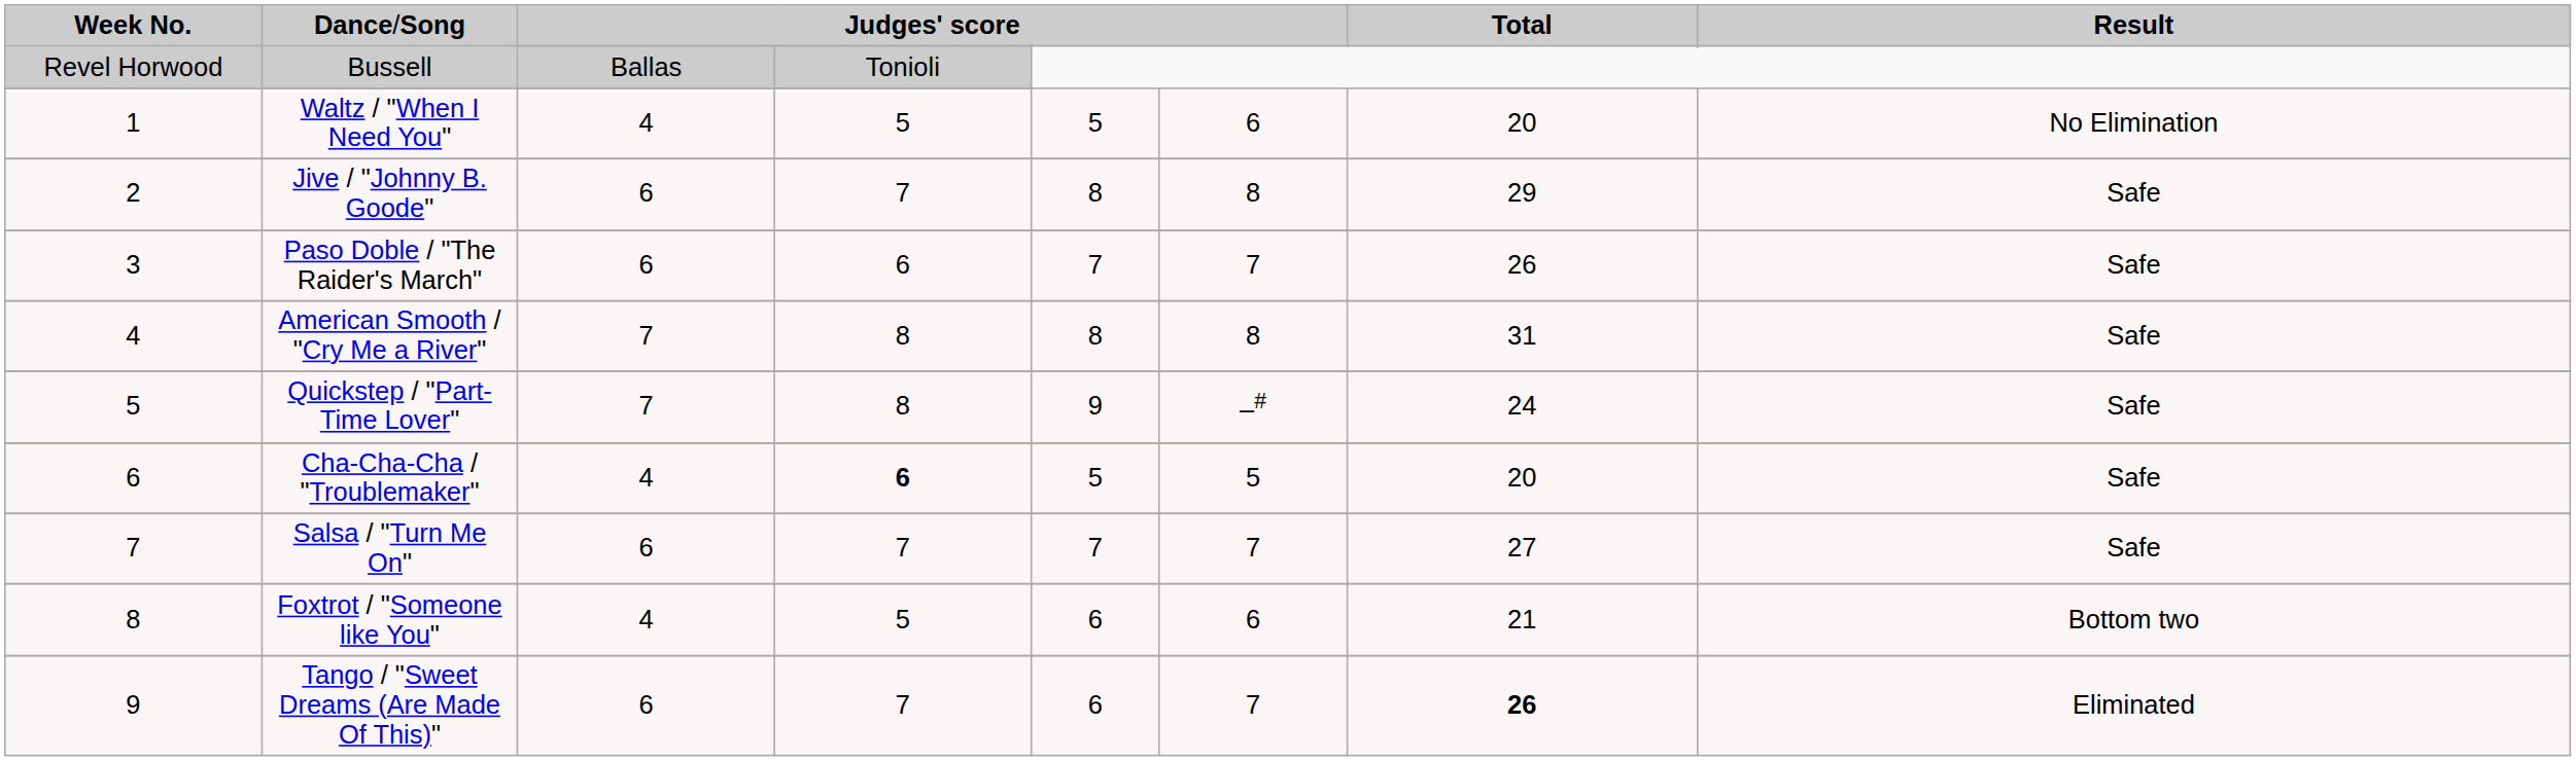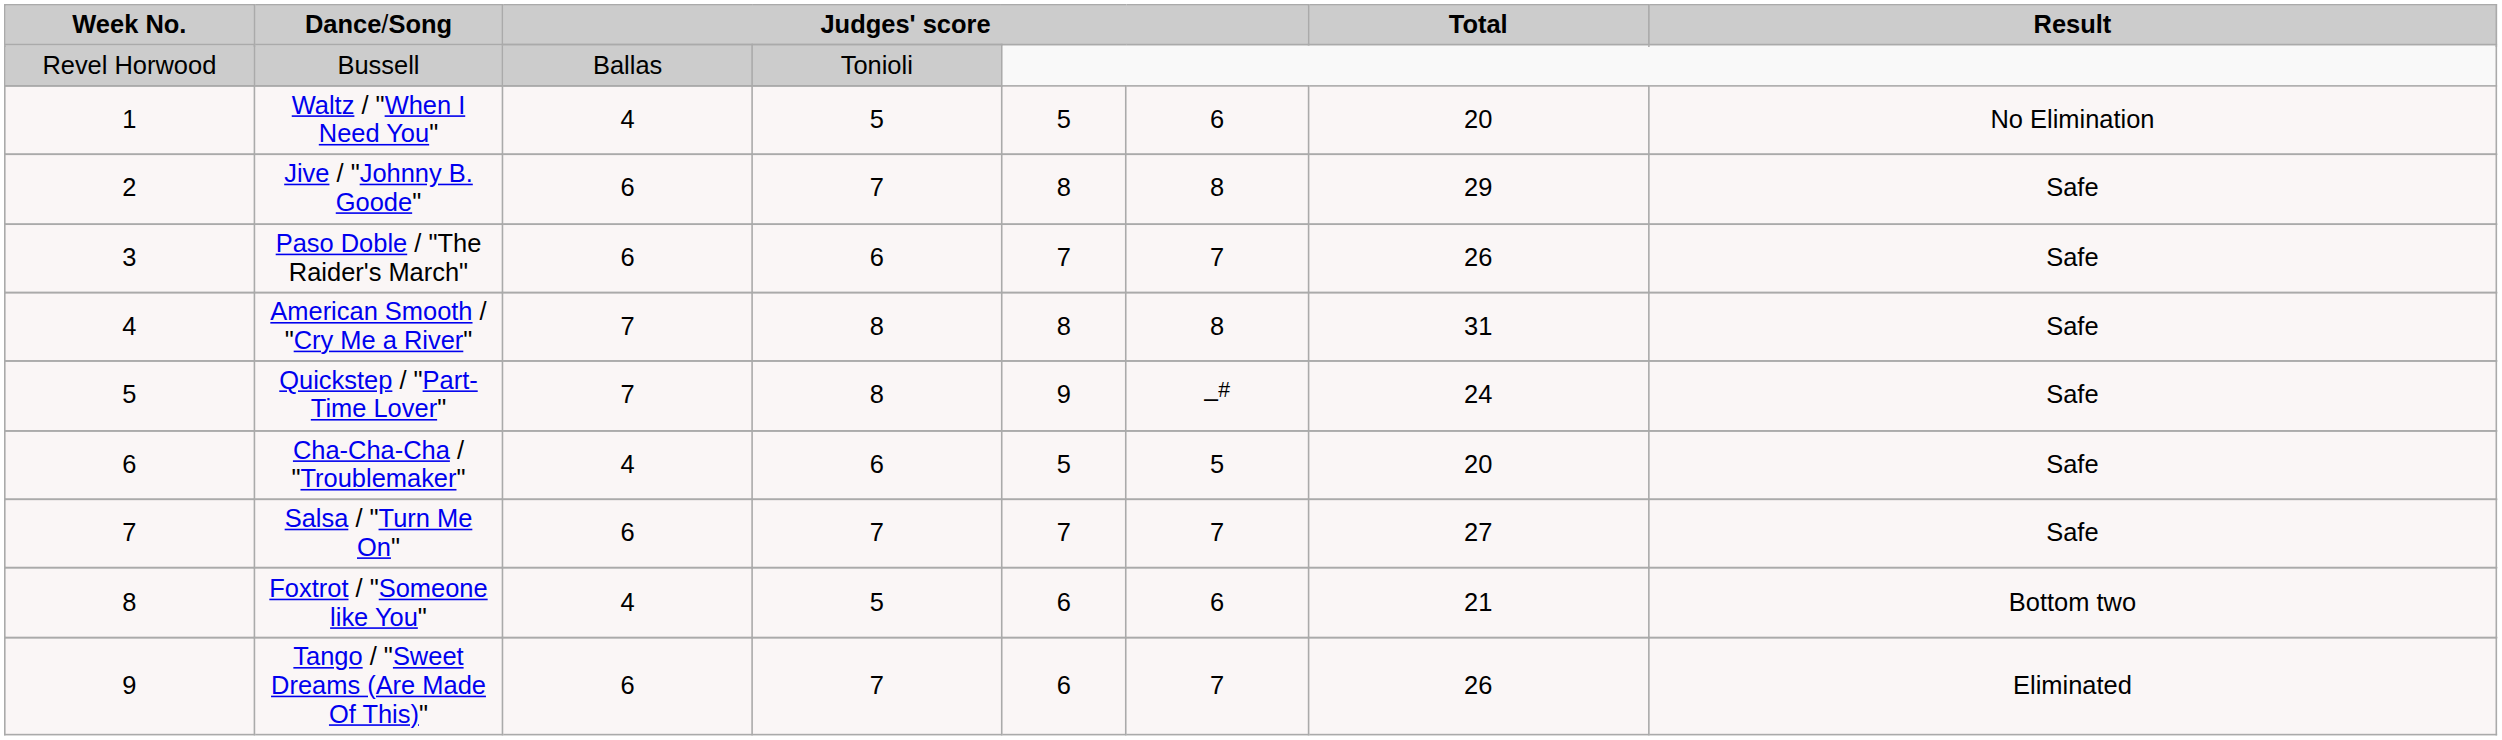 <table class="wikitable" align="center">
 <tr>
 <td rowspan="2" bgcolor="CCCCCC" align="Center"><strong>Week No.</strong></td>
 <td rowspan="2" bgcolor="CCCCCC" align="Center"><strong>Dance</strong>/<strong>Song</strong></td>
 <td colspan="4" bgcolor="CCCCCC" align="Center"><strong>Judges' score</strong></td>
 <td rowspan="2" bgcolor="CCCCCC" align="Center"><strong>Total</strong></td>
 <td rowspan="2" bgcolor="CCCCCC" align="Center"><strong>Result</strong></td>
 </tr>
 <tr>
 </tr>
 <tr>
 <td bgcolor="CCCCCC" width="10%" align="center">Revel Horwood</td>
 <td bgcolor="CCCCCC" width="10%" align="center">Bussell</td>
 <td bgcolor="CCCCCC" width="10%" align="center">Ballas</td>
 <td bgcolor="CCCCCC" width="10%" align="center">Tonioli</td>
 </tr>
 <tr>
 </tr>
 <tr>
 <td align="center" bgcolor="FAF6F6">1</td>
 <td align="center" bgcolor="FAF6F6"><a href='#'>Waltz</a> / "<a href='#'>When I Need You</a>"</td>
 <td align="center" bgcolor="FAF6F6">4</td>
 <td align="center" bgcolor="FAF6F6">5</td>
 <td align="center" bgcolor="FAF6F6">5</td>
 <td align="center" bgcolor="FAF6F6">6</td>
 <td align="center" bgcolor="FAF6F6">20</td>
 <td align="center" bgcolor="FAF6F6">No Elimination</td>
 </tr>
 <tr>
 </tr>
 <tr>
 <td align="center" bgcolor="FAF6F6">2</td>
 <td align="center" bgcolor="FAF6F6"><a href='#'>Jive</a> / "<a href='#'>Johnny B. Goode</a>"</td>
 <td align="center" bgcolor="FAF6F6">6</td>
 <td align="center" bgcolor="FAF6F6">7</td>
 <td align="center" bgcolor="FAF6F6">8</td>
 <td align="center" bgcolor="FAF6F6">8</td>
 <td align="center" bgcolor="FAF6F6">29</td>
 <td align="center" bgcolor="FAF6F6">Safe</td>
 </tr>
 <tr>
 </tr>
 <tr>
 <td align="center" bgcolor="FAF6F6">3</td>
 <td align="center" bgcolor="FAF6F6"><a href='#'>Paso Doble</a> / "The Raider's March"</td>
 <td align="center" bgcolor="FAF6F6">6</td>
 <td align="center" bgcolor="FAF6F6">6</td>
 <td align="center" bgcolor="FAF6F6">7</td>
 <td align="center" bgcolor="FAF6F6">7</td>
 <td align="center" bgcolor="FAF6F6">26</td>
 <td align="center" bgcolor="FAF6F6">Safe</td>
 </tr>
 <tr>
 </tr>
 <tr>
 <td style="text-align:center; background:#faf6f6;">4</td>
 <td style="text-align:center; background:#faf6f6;"><a href='#'>American Smooth</a> / "<a href='#'>Cry Me a River</a>"</td>
 <td style="text-align:center; background:#faf6f6;">7</td>
 <td style="text-align:center; background:#faf6f6;">8</td>
 <td style="text-align:center; background:#faf6f6;">8</td>
 <td style="text-align:center; background:#faf6f6;">8</td>
 <td style="text-align:center; background:#faf6f6;">31</td>
 <td style="text-align:center; background:#faf6f6;">Safe</td>
 </tr>
 <tr>
 </tr>
 <tr>
 <td style="text-align:center; background:#faf6f6;">5</td>
 <td style="text-align:center; background:#faf6f6;"><a href='#'>Quickstep</a> / "<a href='#'>Part-Time Lover</a>"</td>
 <td style="text-align:center; background:#faf6f6;">7</td>
 <td style="text-align:center; background:#faf6f6;">8</td>
 <td style="text-align:center; background:#faf6f6;">9</td>
 <td style="text-align:center; background:#faf6f6;">–<sup>#</sup></td>
 <td style="text-align:center; background:#faf6f6;">24</td>
 <td style="text-align:center; background:#faf6f6;">Safe</td>
 </tr>
 <tr>
 </tr>
 <tr>
 <td style="text-align:center; background:#faf6f6;">6</td>
 <td style="text-align:center; background:#faf6f6;"><a href='#'>Cha-Cha-Cha</a> / "<a href='#'>Troublemaker</a>"</td>
 <td style="text-align:center; background:#faf6f6;">4</td>
-<td style="text-align:center; background:#faf6f6;"><strong>6</strong></td>
+<td style="text-align:center; background:#faf6f6;">6</td>
 <td style="text-align:center; background:#faf6f6;">5</td>
 <td style="text-align:center; background:#faf6f6;">5</td>
 <td style="text-align:center; background:#faf6f6;">20</td>
 <td style="text-align:center; background:#faf6f6;">Safe</td>
 </tr>
 <tr>
 </tr>
 <tr>
 <td style="text-align:center; background:#faf6f6;">7</td>
 <td style="text-align:center; background:#faf6f6;"><a href='#'>Salsa</a> / "<a href='#'>Turn Me On</a>"</td>
 <td style="text-align:center; background:#faf6f6;">6</td>
 <td style="text-align:center; background:#faf6f6;">7</td>
 <td style="text-align:center; background:#faf6f6;">7</td>
 <td style="text-align:center; background:#faf6f6;">7</td>
 <td style="text-align:center; background:#faf6f6;">27</td>
 <td style="text-align:center; background:#faf6f6;">Safe</td>
 </tr>
 <tr>
 </tr>
 <tr>
 <td style="text-align:center; background:#faf6f6;">8</td>
 <td style="text-align:center; background:#faf6f6;"><a href='#'>Foxtrot</a> / "<a href='#'>Someone like You</a>"</td>
 <td style="text-align:center; background:#faf6f6;">4</td>
 <td style="text-align:center; background:#faf6f6;">5</td>
 <td style="text-align:center; background:#faf6f6;">6</td>
 <td style="text-align:center; background:#faf6f6;">6</td>
 <td style="text-align:center; background:#faf6f6;">21</td>
 <td style="text-align:center; background:#faf6f6;">Bottom two</td>
 </tr>
 <tr>
 </tr>
 <tr>
 </tr>
 <tr style="text-align: center; background:#faf6f6;">
 <td>9</td>
 <td><a href='#'>Tango</a> / "<a href='#'>Sweet Dreams (Are Made Of This)</a>"</td>
 <td>6</td>
 <td>7</td>
 <td>6</td>
 <td>7</td>
-<td><strong>26</strong></td>
+<td>26</td>
 <td>Eliminated</td>
 </tr>
 </table>
